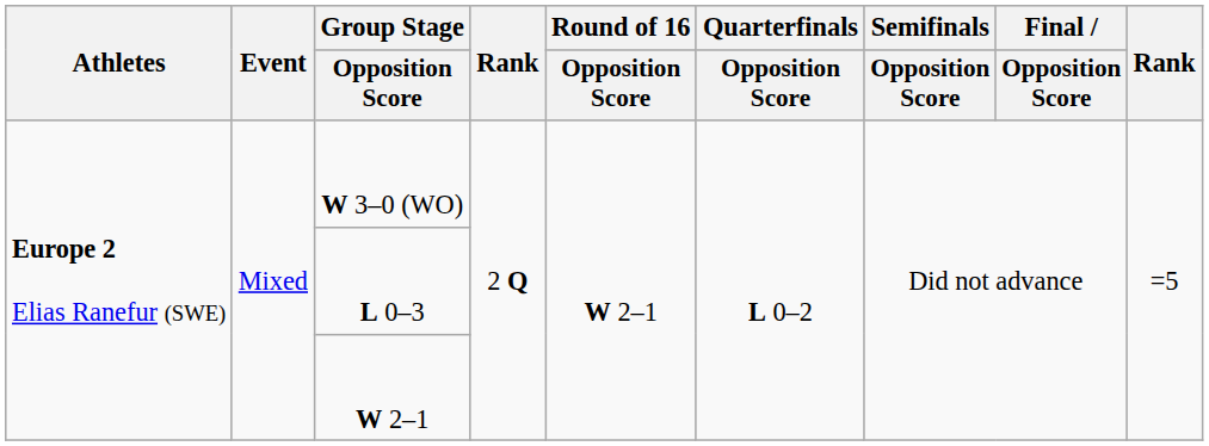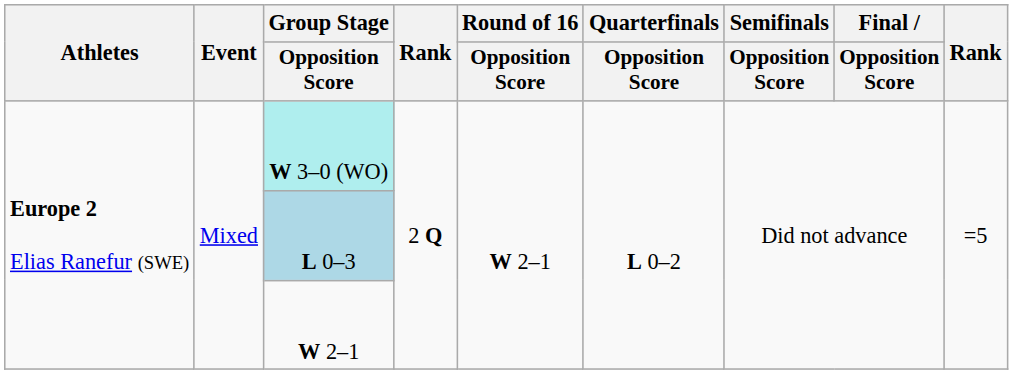 <table class=wikitable style="font-size:90%">
 <tr>
 <th rowspan="2">Athletes</th>
 <th rowspan="2">Event</th>
 <th>Group Stage</th>
 <th rowspan="2">Rank</th>
 <th>Round of 16</th>
 <th>Quarterfinals</th>
 <th>Semifinals</th>
 <th>Final / </th>
 <th rowspan=2>Rank</th>
 </tr>
 <tr style="font-size:95%">
 <th>Opposition<br>Score</th>
 <th>Opposition<br>Score</th>
 <th>Opposition<br>Score</th>
 <th>Opposition<br>Score</th>
 <th>Opposition<br>Score</th>
 </tr>
 <tr align=center>
 <td align=left rowspan=3><strong>Europe 2</strong><br><br> <a href='#'>Elias Ranefur</a> <small>(SWE)</small></td>
 <td align=left rowspan=3><a href='#'>Mixed</a></td>
-<td><br><br><strong>W</strong> 3–0 (WO)</td>
+<td style="background: paleturquoise;"><br><br><strong>W</strong> 3–0 (WO)</td>
 <td rowspan=3>2 <strong>Q</strong></td>
 <td rowspan=3><br><br><strong>W</strong> 2–1</td>
 <td rowspan=3><br><br><strong>L</strong> 0–2</td>
 <td rowspan=3 colspan=2>Did not advance</td>
 <td rowspan=3>=5</td>
 </tr>
 <tr align=center>
-<td><br><br><strong>L</strong> 0–3</td>
+<td style="background: lightblue;"><br><br><strong>L</strong> 0–3</td>
 </tr>
 <tr align=center>
 <td><br><br><strong>W</strong> 2–1</td>
 </tr>
 </table>
